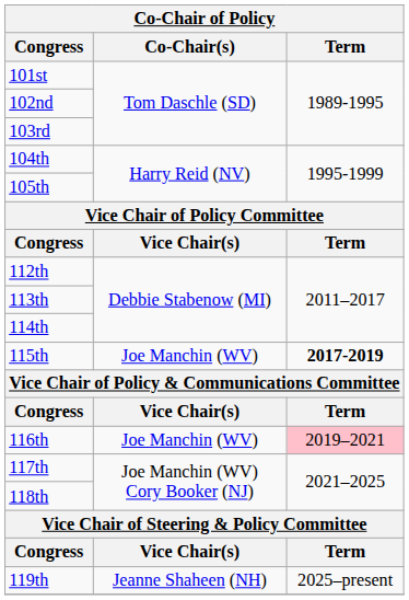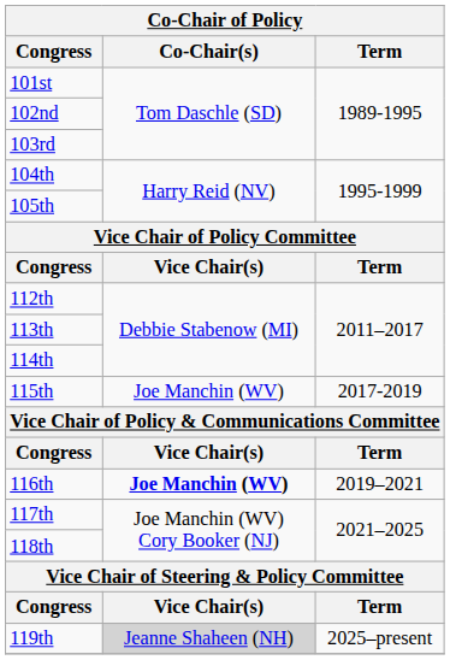 <table class="wikitable">
 <tr>
 <th colspan=3><u>Co-Chair of Policy</u></th>
 </tr>
 <tr>
 <th>Congress</th>
 <th>Co-Chair(s)</th>
 <th>Term</th>
 </tr>
 <tr>
 <td><a href='#'>101st</a></td>
 <td rowspan=3 align=center><a href='#'>Tom Daschle</a> (<a href='#'>SD</a>)</td>
 <td rowspan=3 align=center>1989-1995</td>
 </tr>
 <tr>
 <td><a href='#'>102nd</a></td>
 </tr>
 <tr>
 <td><a href='#'>103rd</a></td>
 </tr>
 <tr>
 <td><a href='#'>104th</a></td>
 <td rowspan=2 align=center><a href='#'>Harry Reid</a> (<a href='#'>NV</a>)</td>
 <td rowspan=2 align=center>1995-1999</td>
 </tr>
 <tr>
 <td><a href='#'>105th</a></td>
 </tr>
 <tr>
 <th colspan=3><u>Vice Chair of Policy Committee</u></th>
 </tr>
 <tr>
 <th>Congress</th>
 <th>Vice Chair(s)</th>
 <th>Term</th>
 </tr>
 <tr>
 <td><a href='#'>112th</a></td>
 <td rowspan=3 align=center><a href='#'>Debbie Stabenow</a> (<a href='#'>MI</a>)</td>
 <td rowspan=3 align=center>2011–2017</td>
 </tr>
 <tr>
 <td><a href='#'>113th</a></td>
 </tr>
 <tr>
 <td><a href='#'>114th</a></td>
 </tr>
 <tr>
 <td><a href='#'>115th</a></td>
 <td align=center><a href='#'>Joe Manchin</a> (<a href='#'>WV</a>)</td>
-<td align=center><strong>2017-2019</strong></td>
+<td align=center>2017-2019</td>
 </tr>
 <tr>
 <th colspan=3><u>Vice Chair of Policy & Communications Committee</u></th>
 </tr>
 <tr>
 <th>Congress</th>
 <th>Vice Chair(s)</th>
 <th>Term</th>
 </tr>
 <tr>
 <td><a href='#'>116th</a></td>
-<td align=center><a href='#'>Joe Manchin</a> (<a href='#'>WV</a>)</td>
-<td align=center style="background: pink;">2019–2021</td>
+<td align=center><strong><a href='#'>Joe Manchin</a> (<a href='#'>WV</a>)</strong></td>
+<td align=center>2019–2021</td>
 </tr>
 <tr>
 <td><a href='#'>117th</a></td>
 <td rowspan=2 align=center>Joe Manchin (WV)<br><a href='#'>Cory Booker</a> (<a href='#'>NJ</a>)</td>
 <td rowspan=2 align=center>2021–2025</td>
 </tr>
 <tr>
 <td><a href='#'>118th</a></td>
 </tr>
 <tr>
 <th colspan=3><u>Vice Chair of Steering & Policy Committee</u></th>
 </tr>
 <tr>
 <th>Congress</th>
 <th>Vice Chair(s)</th>
 <th>Term</th>
 </tr>
 <tr>
 <td><a href='#'>119th</a></td>
-<td align=center><a href='#'>Jeanne Shaheen</a> (<a href='#'>NH</a>)</td>
+<td align=center style="background: lightgrey;"><a href='#'>Jeanne Shaheen</a> (<a href='#'>NH</a>)</td>
 <td align=center>2025–present</td>
 </tr>
 <tr>
 </tr>
 </table>
